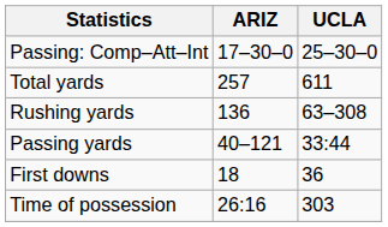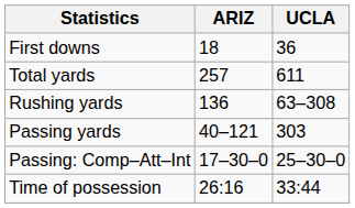 <table class="wikitable" style="float: left;">
 <tr>
 <th>Statistics</th>
 <th>ARIZ</th>
 <th>UCLA</th>
 </tr>
 <tr>
-<td>Passing: Comp–Att–Int</td>
-<td>17–30–0</td>
-<td>25–30–0</td>
+<td>First downs</td>
+<td>18</td>
+<td>36</td>
 </tr>
 <tr>
 <td>Total yards</td>
 <td>257</td>
 <td>611</td>
 </tr>
 <tr>
 <td>Rushing yards</td>
 <td>136</td>
 <td>63–308</td>
 </tr>
 <tr>
 <td>Passing yards</td>
 <td>40–121</td>
-<td>33:44</td>
+<td>303</td>
 </tr>
 <tr>
-<td>First downs</td>
-<td>18</td>
-<td>36</td>
+<td>Passing: Comp–Att–Int</td>
+<td>17–30–0</td>
+<td>25–30–0</td>
 </tr>
 <tr>
 <td>Time of possession</td>
 <td>26:16</td>
-<td>303</td>
+<td>33:44</td>
 </tr>
 <tr>
 </tr>
 </table>
